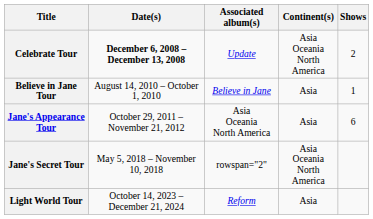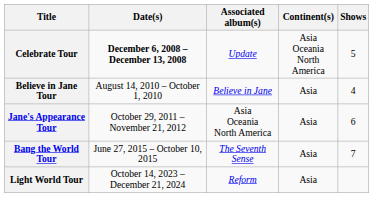 <table class="wikitable sortable plainrowheaders" style="text-align:center;">
 <tr>
 <th>Title</th>
 <th>Date(s)</th>
 <th>Associated album(s)</th>
 <th>Continent(s)</th>
 <th>Shows</th>
 </tr>
 <tr>
 <th scope="row">Celebrate Tour</th>
 <td align="center"><strong>December 6, 2008 – December 13, 2008</strong></td>
 <td><em><a href='#'>Update</a></em></td>
 <td>Asia<br>Oceania<br>North America</td>
-<td>2</td>
+<td>5</td>
 </tr>
 <tr>
 <th scope="row">Believe in Jane Tour</th>
 <td align="center">August 14, 2010 – October 1, 2010</td>
 <td><em><a href='#'>Believe in Jane</a></em></td>
 <td>Asia</td>
-<td>1</td>
+<td>4</td>
 </tr>
 <tr>
 <th scope="row"><a href='#'>Jane's Appearance Tour</a></th>
 <td align="center">October 29, 2011 – November 21, 2012</td>
 <td>Asia<br>Oceania<br>North America</td>
 <td>Asia</td>
 <td>6</td>
 </tr>
 <tr>
-<th scope="row">Jane's Secret Tour</th>
-<td align="center">May 5, 2018 – November 10, 2018</td>
-<td>rowspan="2" </td>
-<td>Asia<br>Oceania<br>North America</td>
-<td></td>
+<th scope="row"><a href='#'>Bang the World Tour</a></th>
+<td align="center">June 27, 2015 – October 10, 2015</td>
+<td><em><a href='#'>The Seventh Sense</a></em></td>
+<td>Asia</td>
+<td>7</td>
 </tr>
 <tr>
 <th scope="row">Light World Tour</th>
 <td align="center">October 14, 2023 – December 21, 2024</td>
 <td><em><a href='#'>Reform</a></em></td>
 <td>Asia</td>
 </tr>
 </table>
